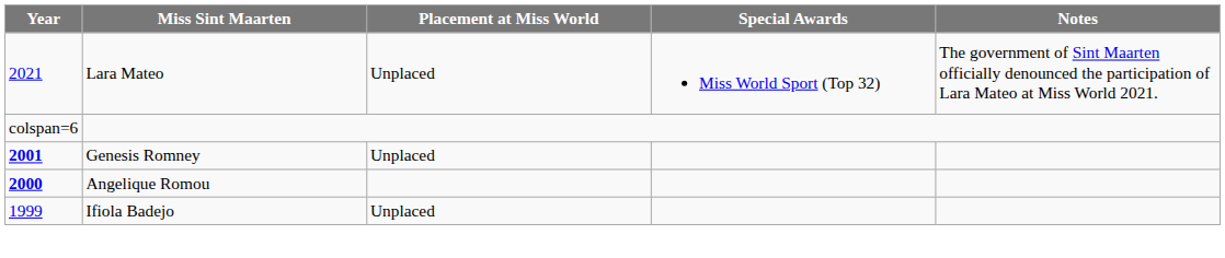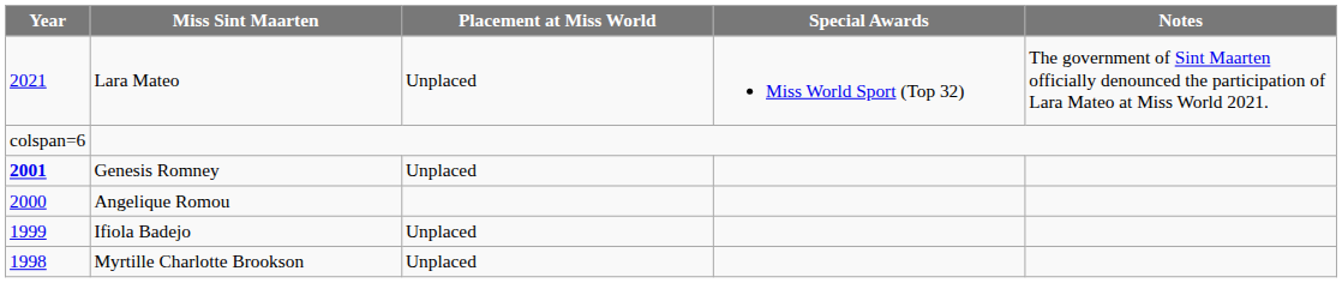 <table class="wikitable " style="font-size: 95%;">
 <tr>
 <th width="60" style="background-color:#787878;color:#FFFFFF;">Year</th>
 <th width="250" style="background-color:#787878;color:#FFFFFF;">Miss Sint Maarten</th>
 <th width="250" style="background-color:#787878;color:#FFFFFF;">Placement at Miss World</th>
 <th width="250" style="background-color:#787878;color:#FFFFFF;">Special Awards</th>
 <th width="250" style="background-color:#787878;color:#FFFFFF;">Notes</th>
 </tr>
 <tr>
 <td><a href='#'>2021</a></td>
 <td>Lara Mateo</td>
 <td>Unplaced</td>
 <td align="left"><br><ul><li><a href='#'>Miss World Sport</a> (Top 32)</li></ul></td>
 <td>The government of <a href='#'>Sint Maarten</a> officially denounced the participation of Lara Mateo at Miss World 2021.</td>
 </tr>
 <tr>
 <td>colspan=6 </td>
 </tr>
 <tr>
 <td><strong><a href='#'>2001</a></strong></td>
 <td>Genesis Romney</td>
 <td>Unplaced</td>
 <td></td>
 <td></td>
 </tr>
 <tr>
-<td><strong><a href='#'>2000</a></strong></td>
+<td><a href='#'>2000</a></td>
 <td>Angelique Romou</td>
 <td></td>
 <td></td>
 <td></td>
 </tr>
 <tr>
 <td><a href='#'>1999</a></td>
 <td>Ifiola Badejo</td>
 <td>Unplaced</td>
 <td></td>
 <td></td>
 </tr>
+<tr>
+<td><a href='#'>1998</a></td>
+<td>Myrtille Charlotte Brookson</td>
+<td>Unplaced</td>
+<td></td>
+<td></td>
+</tr>
 </table>
